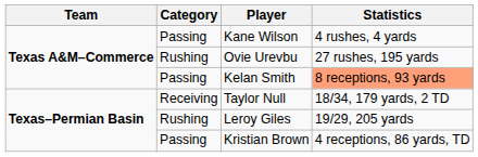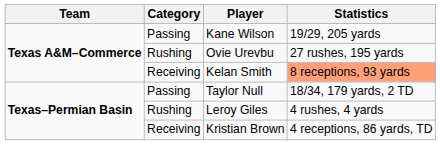 <table class="wikitable" style="float: right;">
 <tr>
 <th>Team</th>
 <th>Category</th>
 <th>Player</th>
 <th>Statistics</th>
 </tr>
 <tr>
 <td rowspan=3><strong>Texas A&M–Commerce</strong></td>
 <td>Passing</td>
 <td>Kane Wilson</td>
-<td>4 rushes, 4 yards</td>
+<td>19/29, 205 yards</td>
 </tr>
 <tr>
 <td>Rushing</td>
 <td>Ovie Urevbu</td>
 <td>27 rushes, 195 yards</td>
 </tr>
 <tr>
-<td>Passing</td>
+<td>Receiving</td>
 <td>Kelan Smith</td>
 <td style="background: lightsalmon;">8 receptions, 93 yards</td>
 </tr>
 <tr>
 <td rowspan=3><strong>Texas–Permian Basin</strong></td>
-<td>Receiving</td>
+<td>Passing</td>
 <td>Taylor Null</td>
 <td>18/34, 179 yards, 2 TD</td>
 </tr>
 <tr>
 <td>Rushing</td>
 <td>Leroy Giles</td>
-<td>19/29, 205 yards</td>
+<td>4 rushes, 4 yards</td>
 </tr>
 <tr>
-<td>Passing</td>
+<td>Receiving</td>
 <td>Kristian Brown</td>
 <td>4 receptions, 86 yards, TD</td>
 </tr>
 </table>
